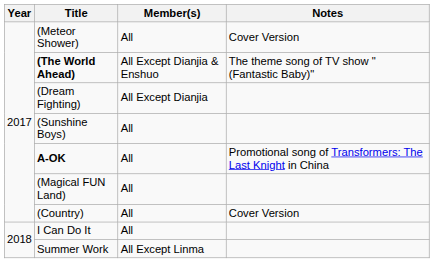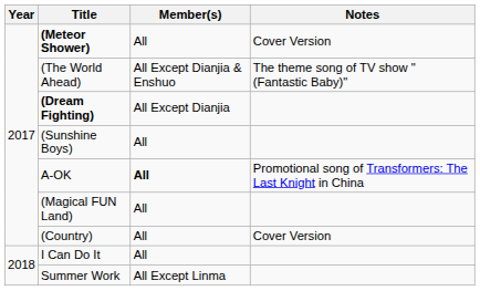 <table class="wikitable">
 <tr>
 <th>Year</th>
 <th>Title</th>
 <th>Member(s)</th>
 <th>Notes</th>
 </tr>
 <tr>
 <td rowspan="7">2017</td>
-<td> (Meteor Shower)</td>
+<td><strong> (Meteor Shower)</strong></td>
 <td>All</td>
 <td>Cover Version</td>
 </tr>
 <tr>
-<td><strong> (The World Ahead)</strong></td>
+<td> (The World Ahead)</td>
 <td>All Except Dianjia & Enshuo</td>
 <td>The theme song of TV show " (Fantastic Baby)"</td>
 </tr>
 <tr>
-<td> (Dream Fighting)</td>
+<td><strong> (Dream Fighting)</strong></td>
 <td>All Except Dianjia</td>
 <td></td>
 </tr>
 <tr>
 <td> (Sunshine Boys)</td>
 <td>All</td>
 <td></td>
 </tr>
 <tr>
-<td><strong>A-OK</strong></td>
-<td>All</td>
+<td>A-OK</td>
+<td><strong>All</strong></td>
 <td>Promotional song of <a href='#'>Transformers: The Last Knight</a> in China</td>
 </tr>
 <tr>
 <td> (Magical FUN Land)</td>
 <td>All</td>
 <td></td>
 </tr>
 <tr>
 <td> (Country)</td>
 <td>All</td>
 <td>Cover Version</td>
 </tr>
 <tr>
 <td rowspan="2">2018</td>
 <td>I Can Do It</td>
 <td>All</td>
 <td></td>
 </tr>
 <tr>
 <td>Summer Work</td>
 <td>All Except Linma</td>
 <td></td>
 </tr>
 </table>
